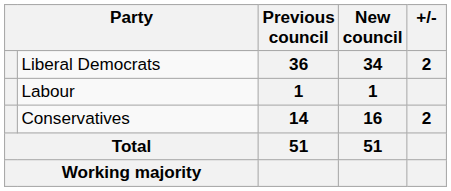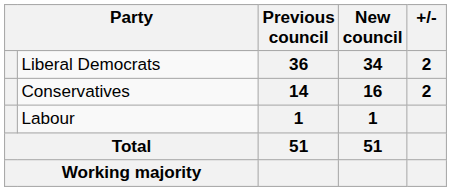 <table class="wikitable">
 <tr>
 <th valign=top colspan="2" style="width: 230px">Party</th>
 <th valign=top style="width: 30px">Previous council</th>
 <th valign=top style="width: 30px">New council</th>
 <th valign=top style="width: 30px">+/-</th>
 </tr>
 <tr>
 <th style="background-color: "></th>
 <td>Liberal Democrats</td>
 <th align=center>36</th>
 <th align=center>34</th>
 <th align=center>2</th>
 </tr>
 <tr>
 <th style="background-color: "></th>
+<td>Conservatives</td>
+<th align=center>14</th>
+<th align=center>16</th>
+<th align=center>2</th>
+</tr>
+<tr>
+<th style="background-color: "></th>
 <td>Labour</td>
 <th align=center>1</th>
 <th align=center>1</th>
 <th align=center></th>
-</tr>
-<tr>
-<th style="background-color: "></th>
-<td>Conservatives</td>
-<th align=center>14</th>
-<th align=center>16</th>
-<th align=center>2</th>
 </tr>
 <tr>
 <th colspan=2>Total</th>
 <th style="text-align: center">51</th>
 <th style="text-align: center">51</th>
 <th></th>
 </tr>
 <tr>
 <th colspan=2>Working majority</th>
 <th></th>
 <th></th>
 <th></th>
 </tr>
 </table>
